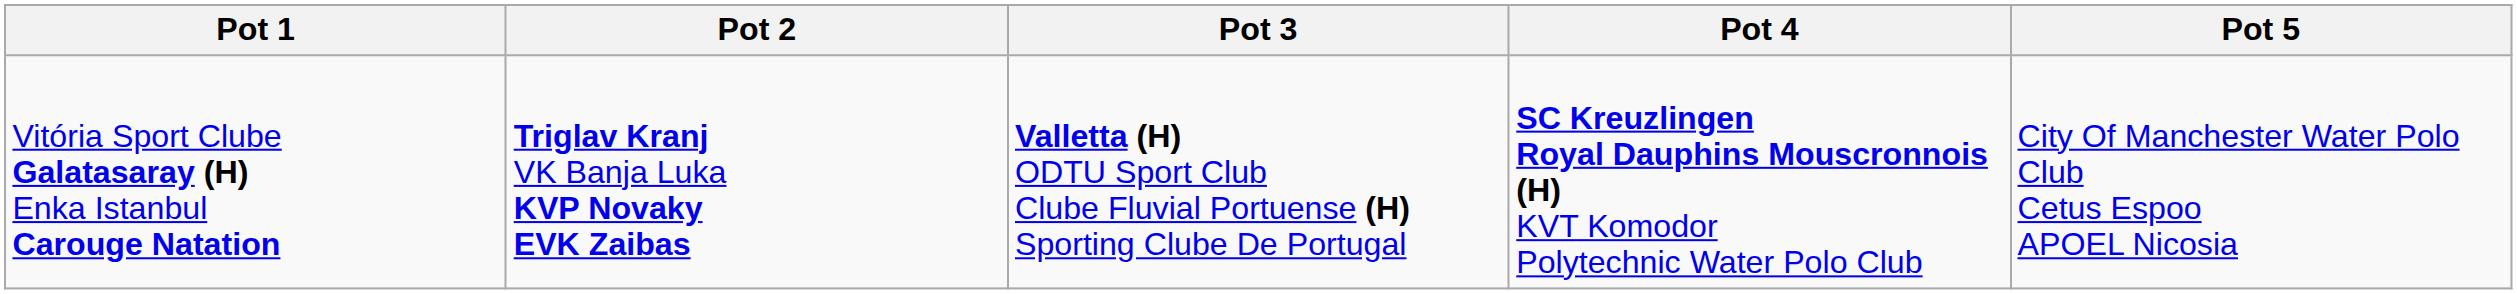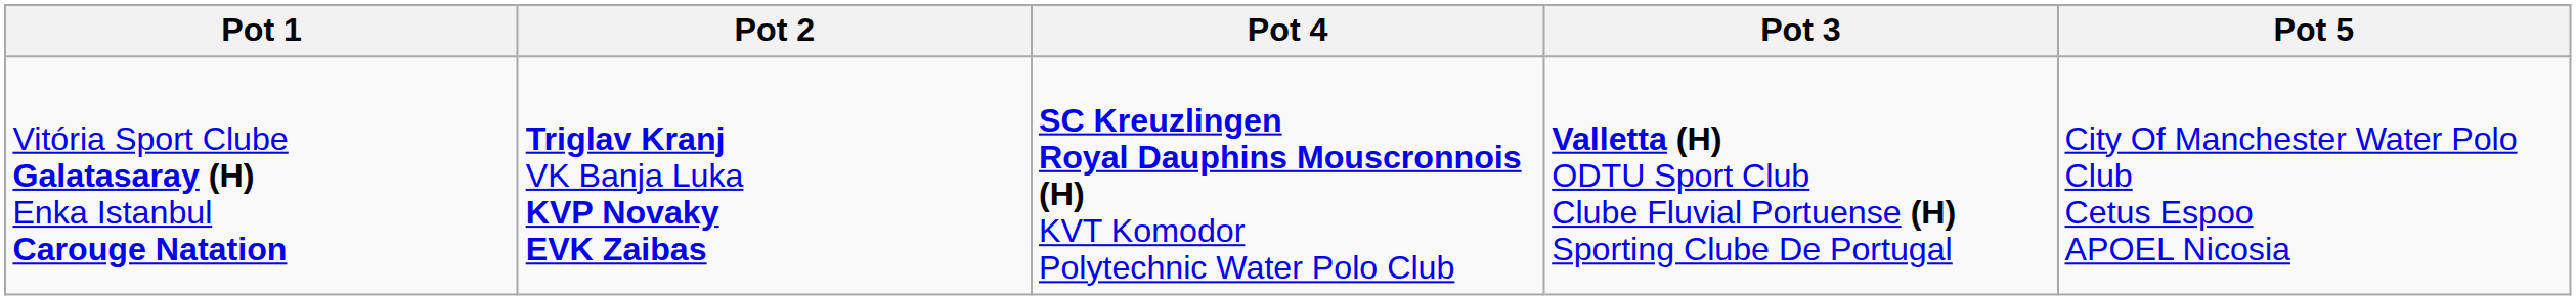 <table class="wikitable collapsible">
 <tr>
 <th width=20%>Pot 1</th>
 <th width=20%>Pot 2</th>
+<th width=20%>Pot 4</th>
 <th width=20%>Pot 3</th>
-<th width=20%>Pot 4</th>
 <th width=20%>Pot 5</th>
 </tr>
 <tr>
 <td><br> <a href='#'>Vitória Sport Clube</a><br>  <strong><a href='#'>Galatasaray</a></strong> <strong>(H)</strong><br>  <a href='#'>Enka Istanbul</a> <br>  <strong><a href='#'>Carouge Natation</a></strong></td>
 <td><br> <strong><a href='#'>Triglav Kranj</a></strong><br>  <a href='#'>VK Banja Luka</a><br>  <strong><a href='#'>KVP Novaky</a></strong><br>  <strong><a href='#'>EVK Zaibas</a></strong></td>
+<td><br> <strong><a href='#'>SC Kreuzlingen</a></strong><br>  <strong><a href='#'>Royal Dauphins Mouscronnois</a></strong> <strong>(H)</strong><br>  <a href='#'>KVT Komodor</a> <br>  <a href='#'>Polytechnic Water Polo Club</a></td>
 <td><br> <strong><a href='#'>Valletta</a></strong> <strong>(H)</strong><br>  <a href='#'>ODTU Sport Club</a><br>  <a href='#'>Clube Fluvial Portuense</a> <strong>(H)</strong><br>  <a href='#'>Sporting Clube De Portugal</a></td>
-<td><br> <strong><a href='#'>SC Kreuzlingen</a></strong><br>  <strong><a href='#'>Royal Dauphins Mouscronnois</a></strong> <strong>(H)</strong><br>  <a href='#'>KVT Komodor</a> <br>  <a href='#'>Polytechnic Water Polo Club</a></td>
 <td><br> <a href='#'>City Of Manchester Water Polo Club</a><br>  <a href='#'>Cetus Espoo</a><br>  <a href='#'>APOEL Nicosia</a></td>
 </tr>
 </table>
